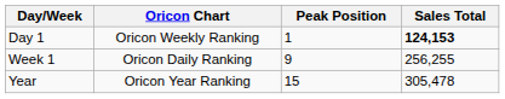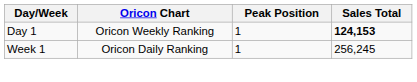 <table class="wikitable" width="575px">
 <tr>
 <th align="left">Day/Week</th>
 <th align="left"><a href='#'>Oricon</a> Chart</th>
 <th align="left">Peak Position</th>
 <th align="left">Sales Total</th>
 </tr>
 <tr>
 <td align="left">Day 1</td>
 <td align="center">Oricon Weekly Ranking</td>
 <td align="left">1</td>
 <td align="left"><strong>124,153</strong></td>
 </tr>
 <tr>
 <td align="left">Week 1</td>
 <td align="center">Oricon Daily Ranking</td>
-<td align="left">9</td>
-<td align="left">256,255</td>
-</tr>
-<tr>
-<td align="left">Year</td>
-<td align="center">Oricon Year Ranking</td>
-<td align="left">15</td>
-<td align="left">305,478</td>
+<td align="left">1</td>
+<td align="left">256,245</td>
 </tr>
 </table>
